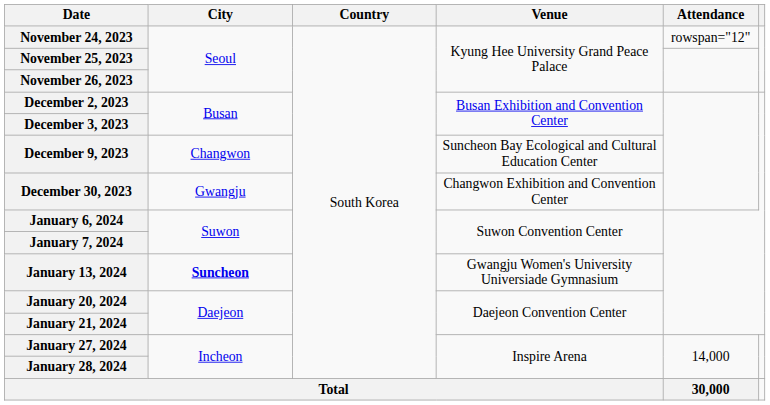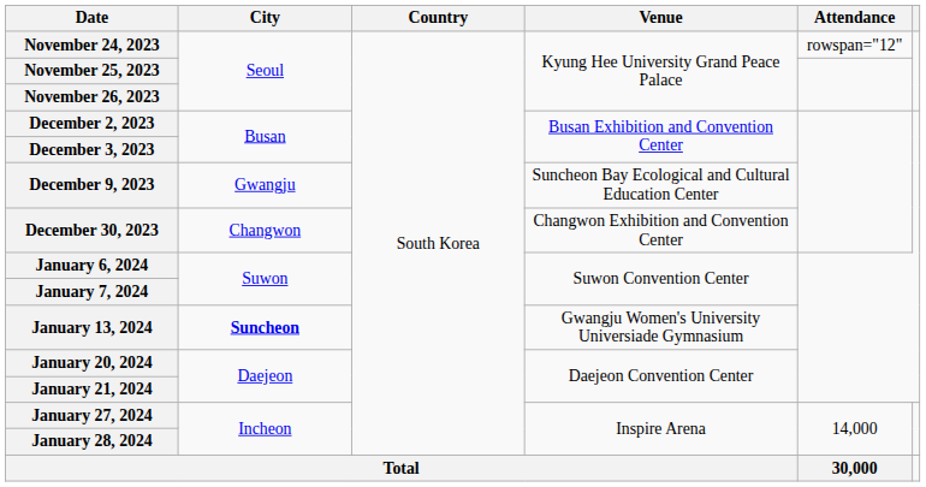 <table class="wikitable sortable plainrowheaders" style="text-align:center;">
 <tr>
 <th style="width:10em;">Date</th>
 <th style="width:10em;">City</th>
 <th style="width:10em;">Country</th>
 <th style="width:16em;">Venue</th>
 <th style="width:6.5em;">Attendance</th>
 <th scope="col" class="unsortable"></th>
 </tr>
 <tr>
 <th scope="row" style="text-align:center">November 24, 2023</th>
 <td rowspan="3"><a href='#'>Seoul</a></td>
 <td rowspan="14">South Korea</td>
 <td rowspan="3">Kyung Hee University Grand Peace Palace</td>
 <td>rowspan="12" </td>
 <td rowspan="3"></td>
 </tr>
 <tr>
 <th scope="row" style="text-align:center">November 25, 2023</th>
 </tr>
 <tr>
 <th scope="row" style="text-align:center">November 26, 2023</th>
 </tr>
 <tr>
 <th scope="row" style="text-align:center">December 2, 2023</th>
 <td rowspan="2"><a href='#'>Busan</a></td>
 <td rowspan="2"><a href='#'>Busan Exhibition and Convention Center</a></td>
 <td rowspan="4"></td>
 </tr>
 <tr>
 <th scope="row" style="text-align:center">December 3, 2023</th>
 </tr>
 <tr>
 <th scope="row" style="text-align:center">December 9, 2023</th>
-<td><a href='#'>Changwon</a></td>
+<td><a href='#'>Gwangju</a></td>
 <td>Suncheon Bay Ecological and Cultural Education Center</td>
 </tr>
 <tr>
 <th scope="row" style="text-align:center">December 30, 2023</th>
-<td><a href='#'>Gwangju</a></td>
+<td><a href='#'>Changwon</a></td>
 <td>Changwon Exhibition and Convention Center</td>
 </tr>
 <tr>
 <th scope="row" style="text-align:center">January 6, 2024</th>
 <td rowspan="2"><a href='#'>Suwon</a></td>
 <td rowspan="2">Suwon Convention Center</td>
 </tr>
 <tr>
 <th scope="row" style="text-align:center">January 7, 2024</th>
 </tr>
 <tr>
 <th scope="row" style="text-align:center">January 13, 2024</th>
 <td><strong><a href='#'>Suncheon</a></strong></td>
 <td>Gwangju Women's University Universiade Gymnasium</td>
 </tr>
 <tr>
 <th scope="row" style="text-align:center">January 20, 2024</th>
 <td rowspan="2"><a href='#'>Daejeon</a></td>
 <td rowspan="2">Daejeon Convention Center</td>
 </tr>
 <tr>
 <th scope="row" style="text-align:center">January 21, 2024</th>
 </tr>
 <tr>
 <th scope="row" style="text-align:center">January 27, 2024</th>
 <td rowspan="2"><a href='#'>Incheon</a></td>
 <td rowspan="2">Inspire Arena</td>
 <td rowspan="2">14,000</td>
 <td rowspan="2"></td>
 </tr>
 <tr>
 <th scope="row" style="text-align:center">January 28, 2024</th>
 </tr>
 <tr>
 <th colspan="4">Total</th>
 <th>30,000</th>
 <td></td>
 </tr>
 </table>
